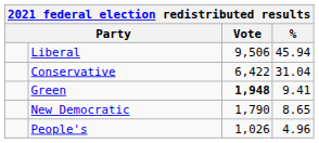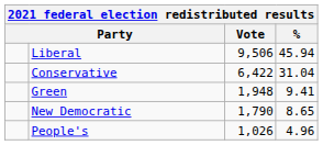 <table class="wikitable">
 <tr>
 <th colspan="4"><a href='#'>2021 federal election</a> redistributed results</th>
 </tr>
 <tr>
 <th bgcolor="#DDDDFF" width="130px" colspan="2">Party</th>
 <th bgcolor="#DDDDFF" width="50px">Vote</th>
 <th bgcolor="#DDDDFF" width="30px">%</th>
 </tr>
 <tr>
 <td> </td>
 <td><a href='#'>Liberal</a></td>
 <td align=right>9,506</td>
 <td align=right>45.94</td>
 </tr>
 <tr>
 <td> </td>
 <td><a href='#'>Conservative</a></td>
 <td align=right>6,422</td>
 <td align=right>31.04</td>
 </tr>
 <tr>
 <td> </td>
 <td><a href='#'>Green</a></td>
-<td align=right><strong>1,948</strong></td>
+<td align=right>1,948</td>
 <td align=right>9.41</td>
 </tr>
 <tr>
 <td> </td>
 <td><a href='#'>New Democratic</a></td>
 <td align=right>1,790</td>
 <td align=right>8.65</td>
 </tr>
 <tr>
 <td> </td>
 <td><a href='#'>People's</a></td>
 <td align=right>1,026</td>
 <td align=right>4.96</td>
 </tr>
 </table>
